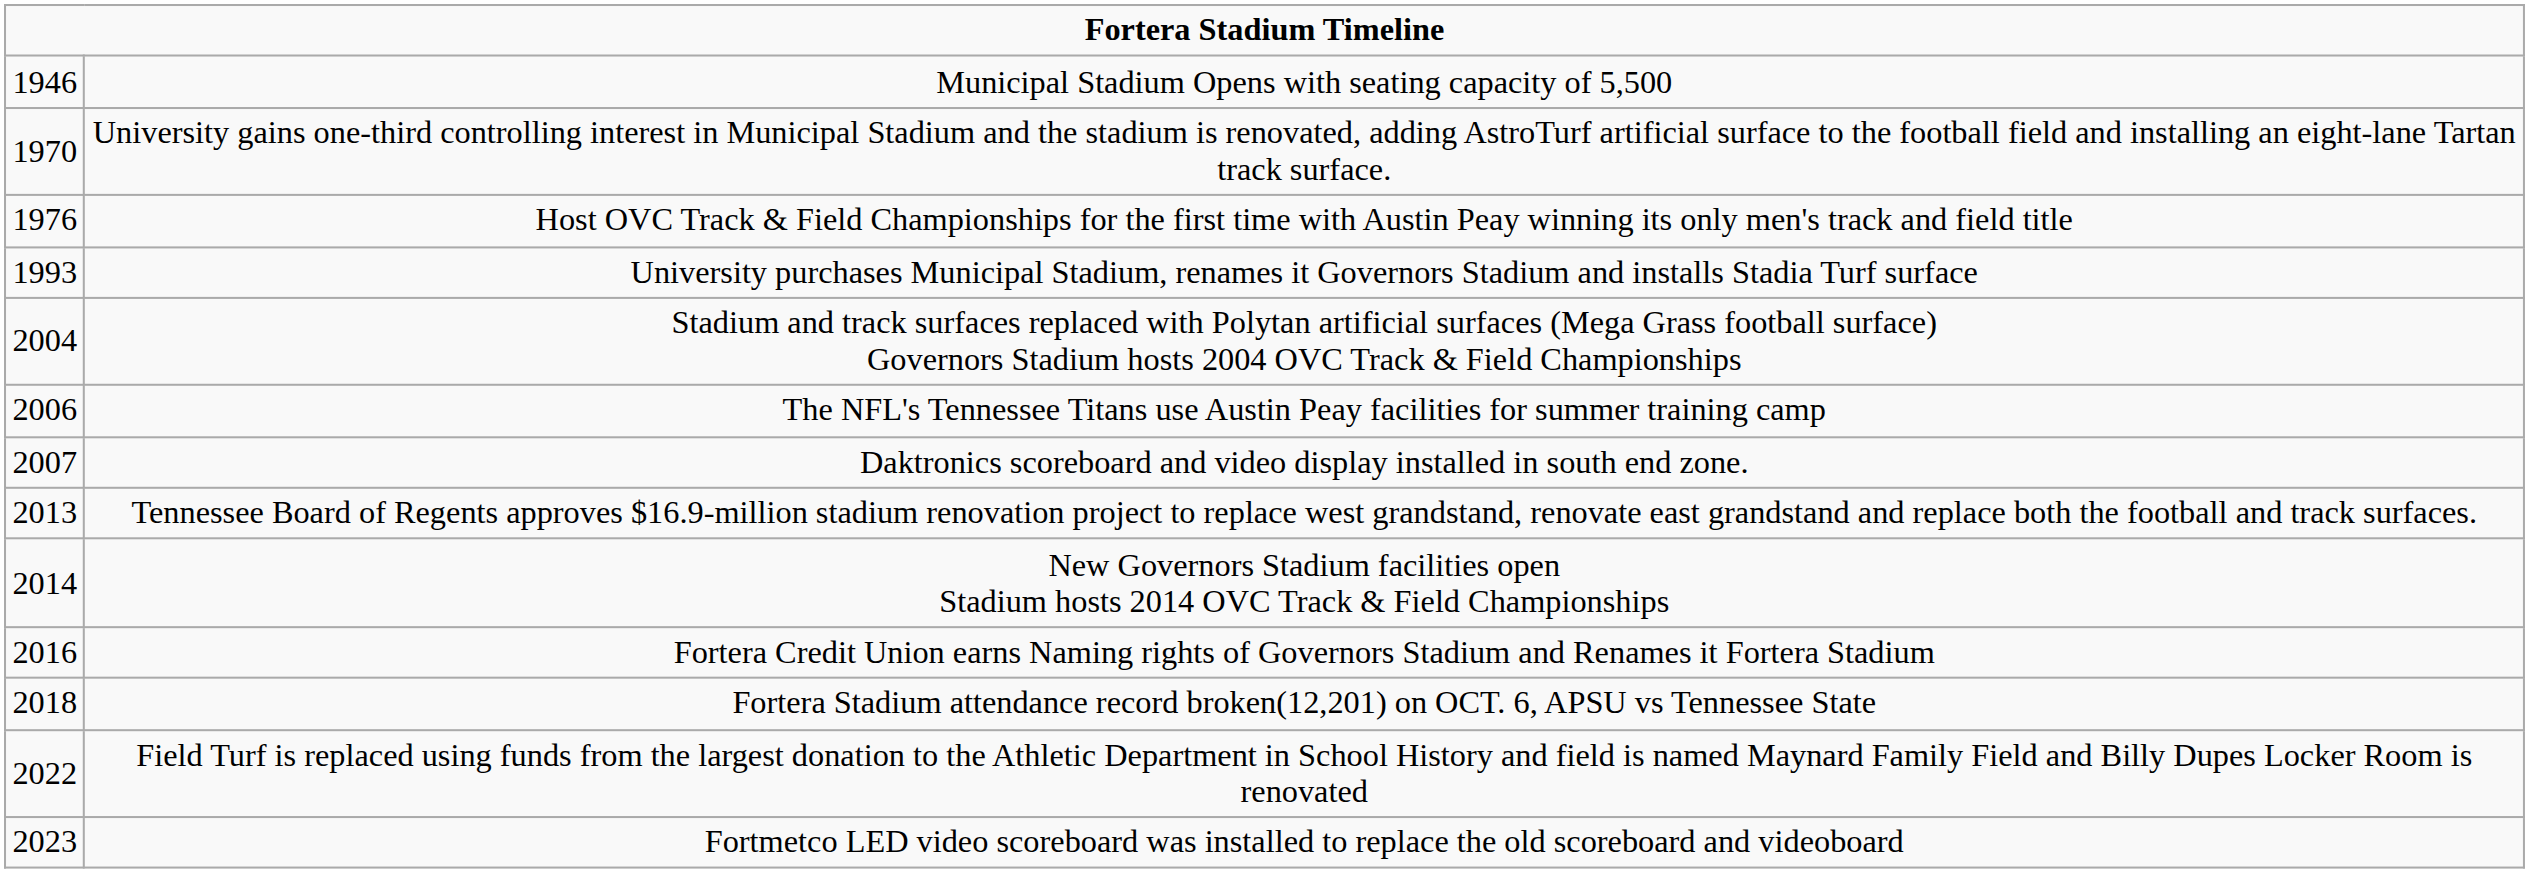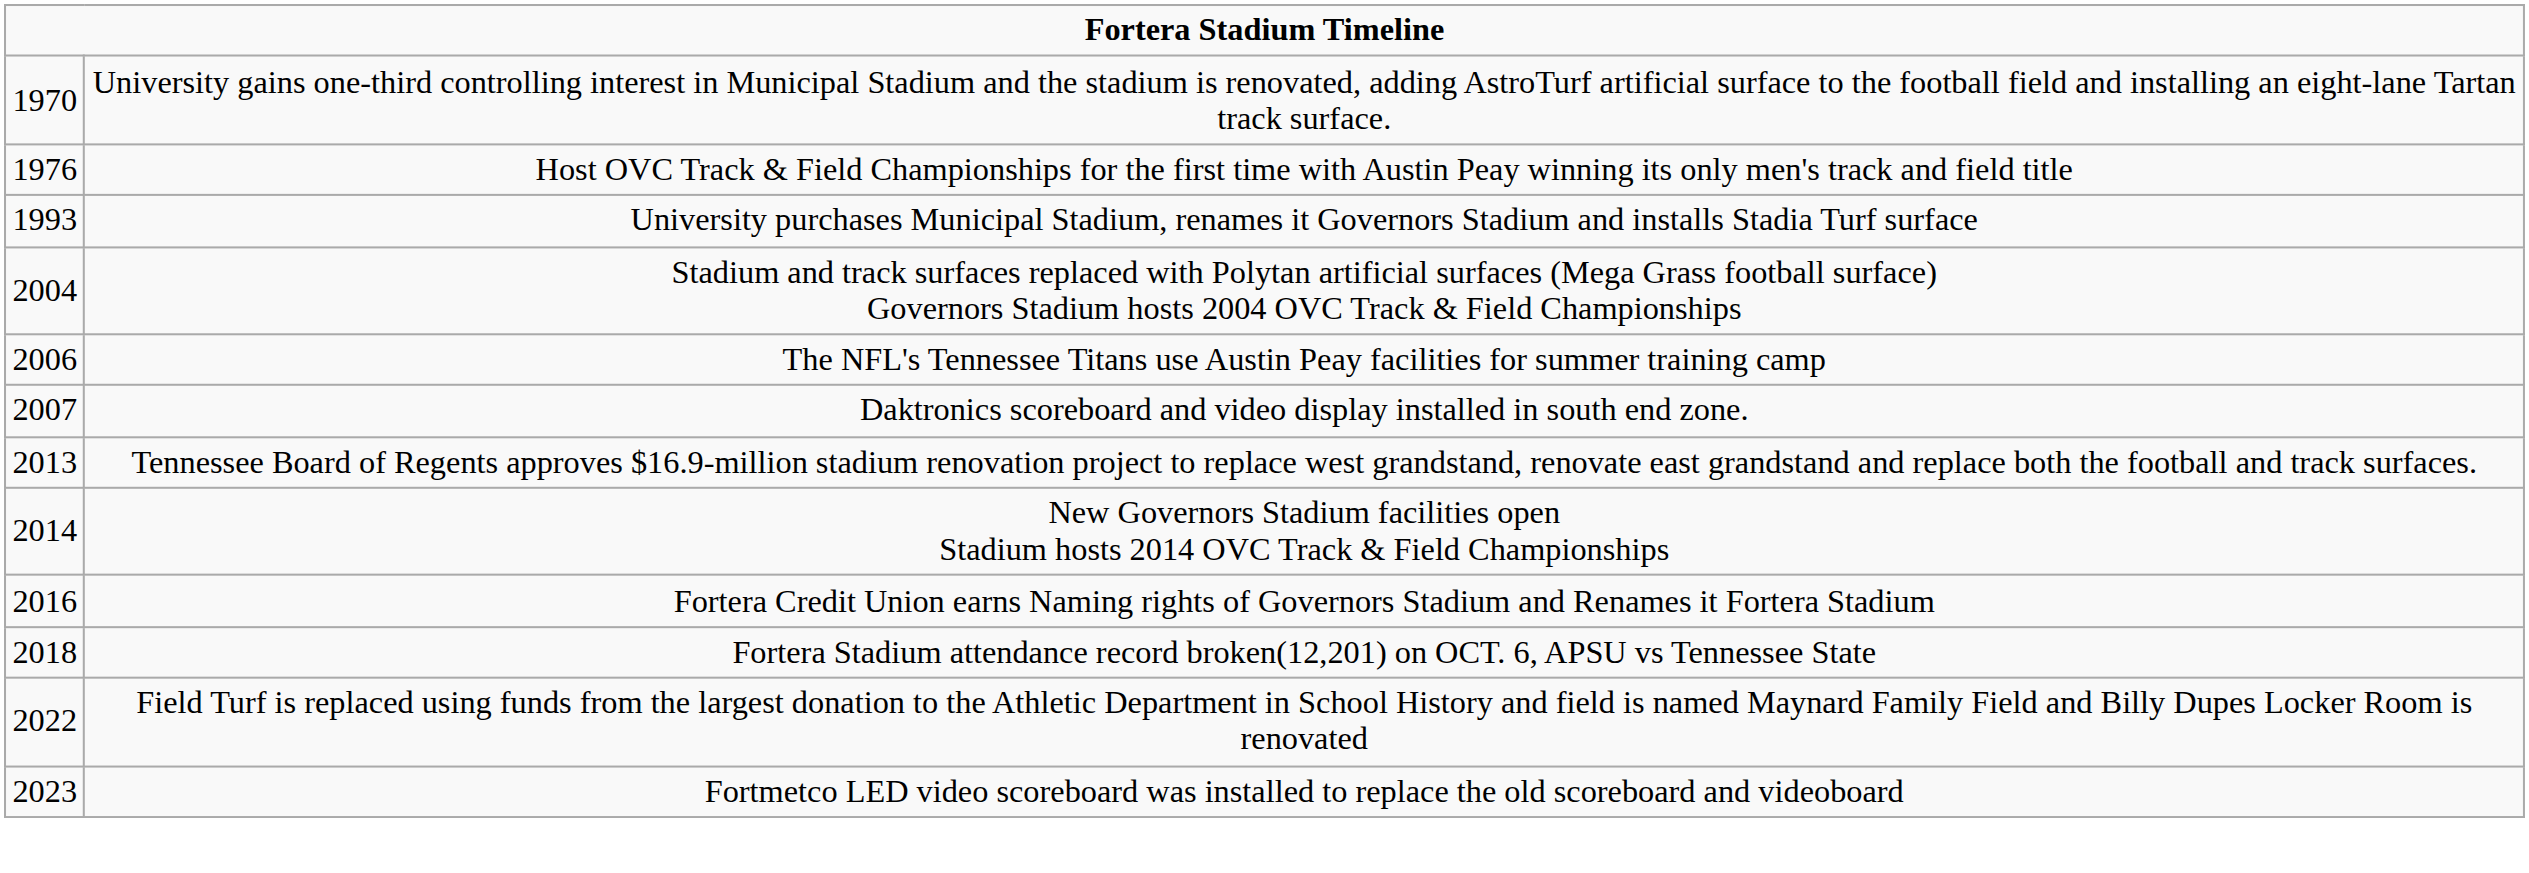 <table class="wikitable" style="text-align:center">
 <tr>
 <td colspan="2"><strong>Fortera Stadium Timeline</strong></td>
-</tr>
-<tr>
-<td>1946</td>
-<td>Municipal Stadium Opens with seating capacity of 5,500</td>
 </tr>
 <tr>
 <td>1970</td>
 <td>University gains one-third controlling interest in Municipal Stadium and the stadium is renovated, adding AstroTurf artificial surface to the football field and installing an eight-lane Tartan track surface.</td>
 </tr>
 <tr>
 <td>1976</td>
 <td>Host OVC Track & Field Championships for the first time with Austin Peay winning its only men's track and field title</td>
 </tr>
 <tr>
 <td>1993</td>
 <td>University purchases Municipal Stadium, renames it Governors Stadium and installs Stadia Turf surface</td>
 </tr>
 <tr>
 <td>2004</td>
 <td>Stadium and track surfaces replaced with Polytan artificial surfaces (Mega Grass football surface)<br>Governors Stadium hosts 2004 OVC Track & Field Championships</td>
 </tr>
 <tr>
 <td>2006</td>
 <td>The NFL's Tennessee Titans use Austin Peay facilities for summer training camp</td>
 </tr>
 <tr>
 <td>2007</td>
 <td>Daktronics scoreboard and video display installed in south end zone.</td>
 </tr>
 <tr>
 <td>2013</td>
 <td>Tennessee Board of Regents approves $16.9-million stadium renovation project to replace west grandstand, renovate east grandstand and replace both the football and track surfaces.</td>
 </tr>
 <tr>
 <td>2014</td>
 <td>New Governors Stadium facilities open<br>Stadium hosts 2014 OVC Track & Field Championships</td>
 </tr>
 <tr>
 <td>2016</td>
 <td>Fortera Credit Union earns Naming rights of Governors Stadium and Renames it Fortera Stadium</td>
 </tr>
 <tr>
 <td>2018</td>
 <td>Fortera Stadium attendance record broken(12,201) on OCT. 6, APSU vs Tennessee State</td>
 </tr>
 <tr>
 <td>2022</td>
 <td>Field Turf is replaced using funds from the largest donation to the Athletic Department in School History and field is named Maynard Family Field and Billy Dupes Locker Room is renovated</td>
 </tr>
 <tr>
 <td>2023</td>
 <td>Fortmetco LED video scoreboard was installed to replace the old scoreboard and videoboard</td>
 </tr>
 </table>
